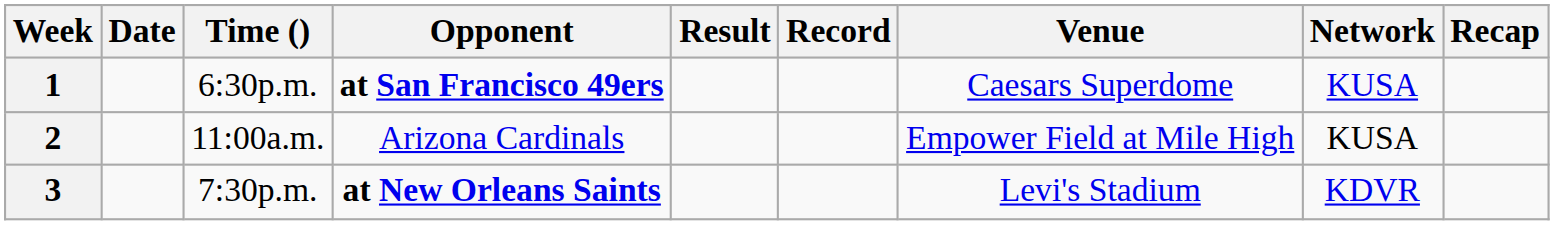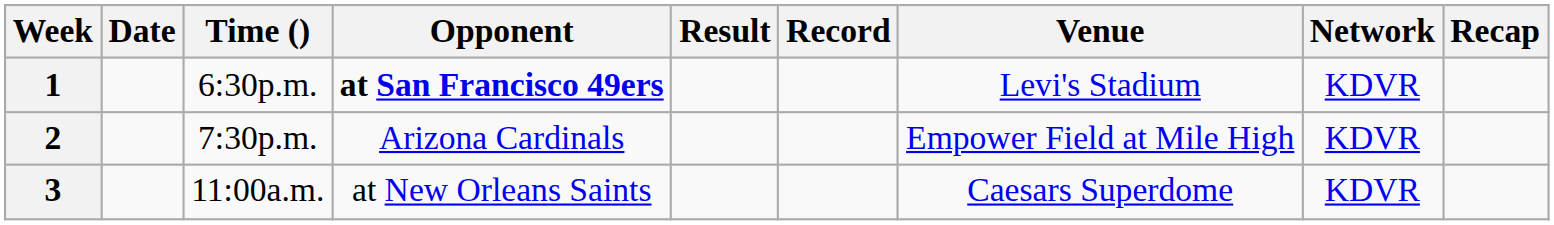 <table class="wikitable" style="text-align:center">
 <tr>
 <th>Week</th>
 <th>Date</th>
 <th>Time (<a href='#'></a>)</th>
 <th>Opponent</th>
 <th>Result</th>
 <th>Record</th>
 <th>Venue</th>
 <th>Network</th>
 <th>Recap</th>
 </tr>
 <tr>
 <th>1</th>
 <td></td>
 <td>6:30p.m.</td>
 <td><strong>at <a href='#'>San Francisco 49ers</a></strong></td>
 <td></td>
 <td></td>
-<td><a href='#'>Caesars Superdome</a></td>
-<td><a href='#'>KUSA</a></td>
+<td><a href='#'>Levi's Stadium</a></td>
+<td><a href='#'>KDVR</a></td>
 <td></td>
 </tr>
 <tr>
 <th>2</th>
 <td></td>
-<td>11:00a.m.</td>
+<td>7:30p.m.</td>
 <td><a href='#'>Arizona Cardinals</a></td>
 <td></td>
 <td></td>
 <td><a href='#'>Empower Field at Mile High</a></td>
-<td>KUSA</td>
+<td><a href='#'>KDVR</a></td>
 <td></td>
 </tr>
 <tr>
 <th>3</th>
 <td></td>
-<td>7:30p.m.</td>
-<td><strong>at <a href='#'>New Orleans Saints</a></strong></td>
+<td>11:00a.m.</td>
+<td>at <a href='#'>New Orleans Saints</a></td>
 <td></td>
 <td></td>
-<td><a href='#'>Levi's Stadium</a></td>
+<td><a href='#'>Caesars Superdome</a></td>
 <td><a href='#'>KDVR</a></td>
 <td></td>
 </tr>
 </table>
